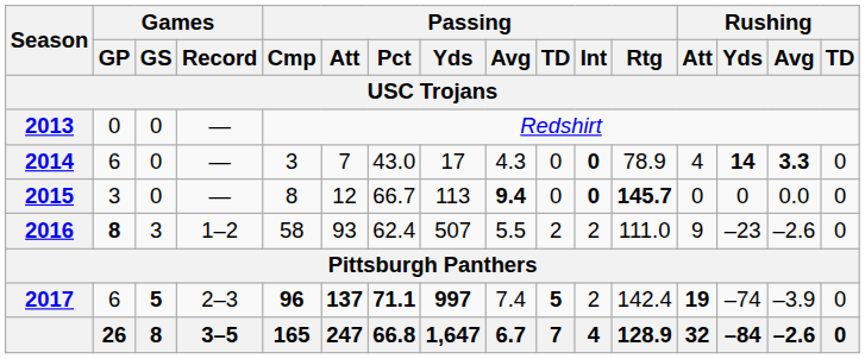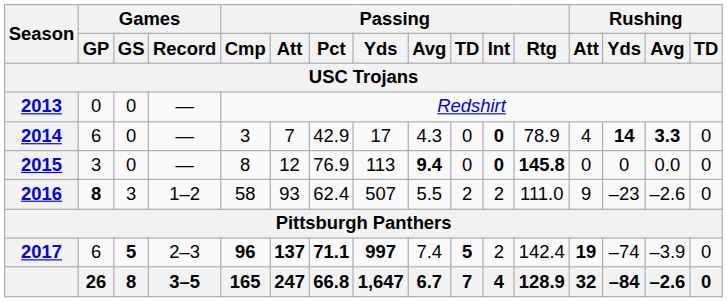 <table class="wikitable" style="text-align:center;">
 <tr>
 <th rowspan="2">Season</th>
 <th colspan="3">Games</th>
 <th colspan="8">Passing</th>
 <th colspan="4">Rushing</th>
 </tr>
 <tr>
 <th>GP</th>
 <th>GS</th>
 <th>Record</th>
 <th>Cmp</th>
 <th>Att</th>
 <th>Pct</th>
 <th>Yds</th>
 <th>Avg</th>
 <th>TD</th>
 <th>Int</th>
 <th>Rtg</th>
 <th>Att</th>
 <th>Yds</th>
 <th>Avg</th>
 <th>TD</th>
 </tr>
 <tr>
 <th colspan="16">USC Trojans</th>
 </tr>
 <tr>
 <th><a href='#'>2013</a></th>
 <td>0</td>
 <td>0</td>
 <td>—</td>
 <td colspan="12"> <em><a href='#'>Redshirt</a></em></td>
 </tr>
 <tr>
 <th><a href='#'>2014</a></th>
 <td>6</td>
 <td>0</td>
 <td>—</td>
 <td>3</td>
 <td>7</td>
-<td>43.0</td>
+<td>42.9</td>
 <td>17</td>
 <td>4.3</td>
 <td>0</td>
 <td><strong>0</strong></td>
 <td>78.9</td>
 <td>4</td>
 <td><strong>14</strong></td>
 <td><strong>3.3</strong></td>
 <td>0</td>
 </tr>
 <tr>
 <th><a href='#'>2015</a></th>
 <td>3</td>
 <td>0</td>
 <td>—</td>
 <td>8</td>
 <td>12</td>
-<td>66.7</td>
+<td>76.9</td>
 <td>113</td>
 <td><strong>9.4</strong></td>
 <td>0</td>
 <td><strong>0</strong></td>
-<td><strong>145.7</strong></td>
+<td><strong>145.8</strong></td>
 <td>0</td>
 <td>0</td>
 <td>0.0</td>
 <td>0</td>
 </tr>
 <tr>
 <th><a href='#'>2016</a></th>
 <td><strong>8</strong></td>
 <td>3</td>
 <td>1–2</td>
 <td>58</td>
 <td>93</td>
 <td>62.4</td>
 <td>507</td>
 <td>5.5</td>
 <td>2</td>
 <td>2</td>
 <td>111.0</td>
 <td>9</td>
 <td>–23</td>
 <td>–2.6</td>
 <td>0</td>
 </tr>
 <tr>
 <th colspan="16">Pittsburgh Panthers</th>
 </tr>
 <tr>
 <th><a href='#'>2017</a></th>
 <td>6</td>
 <td><strong>5</strong></td>
 <td>2–3</td>
 <td><strong>96</strong></td>
 <td><strong>137</strong></td>
 <td><strong>71.1</strong></td>
 <td><strong>997</strong></td>
 <td>7.4</td>
 <td><strong>5</strong></td>
 <td>2</td>
 <td>142.4</td>
 <td><strong>19</strong></td>
 <td>–74</td>
 <td>–3.9</td>
 <td>0</td>
 </tr>
 <tr>
 <th></th>
 <th>26</th>
 <th>8</th>
 <th>3–5</th>
 <th>165</th>
 <th>247</th>
 <th>66.8</th>
 <th>1,647</th>
 <th>6.7</th>
 <th>7</th>
 <th>4</th>
 <th>128.9</th>
 <th>32</th>
 <th>–84</th>
 <th>–2.6</th>
 <th>0</th>
 </tr>
 </table>
